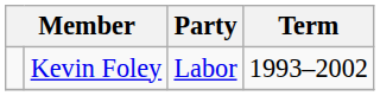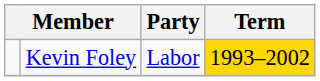 <table class="wikitable">
 <tr>
 <th colspan="2">Member</th>
 <th>Party</th>
 <th>Term</th>
 </tr>
 <tr>
 <td> </td>
 <td><a href='#'>Kevin Foley</a></td>
 <td><a href='#'>Labor</a></td>
-<td>1993–2002</td>
+<td style="background: gold;">1993–2002</td>
 </tr>
 <tr>
 </tr>
 </table>
